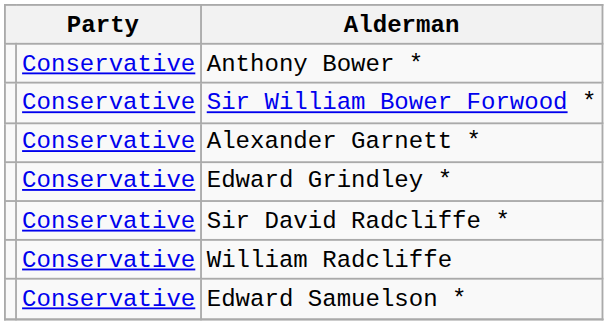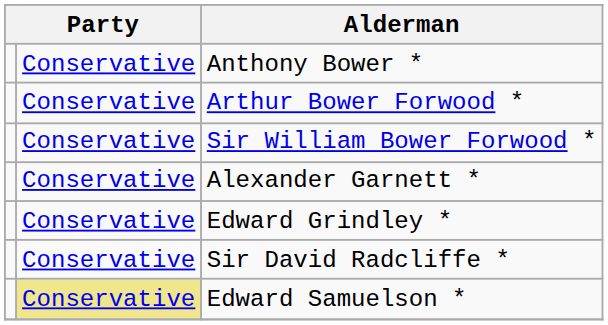 <table class="wikitable">
 <tr>
 <th colspan="2">Party</th>
 <th>Alderman</th>
 </tr>
 <tr>
 <td style="background-color:"></td>
 <td><a href='#'>Conservative</a></td>
 <td>Anthony Bower *</td>
+</tr>
+<tr>
+<td style="background-color:"></td>
+<td><a href='#'>Conservative</a></td>
+<td><a href='#'>Arthur Bower Forwood</a> *</td>
 </tr>
 <tr>
 <td style="background-color:"></td>
 <td><a href='#'>Conservative</a></td>
 <td><a href='#'>Sir William Bower Forwood</a> *</td>
 </tr>
 <tr>
 <td style="background-color:"></td>
 <td><a href='#'>Conservative</a></td>
 <td>Alexander Garnett *</td>
 </tr>
 <tr>
 <td style="background-color:"></td>
 <td><a href='#'>Conservative</a></td>
 <td>Edward Grindley *</td>
 </tr>
 <tr>
 <td style="background-color:"></td>
 <td><a href='#'>Conservative</a></td>
 <td>Sir David Radcliffe *</td>
 </tr>
 <tr>
 <td style="background-color:"></td>
-<td><a href='#'>Conservative</a></td>
-<td>William Radcliffe</td>
-</tr>
-<tr>
-<td style="background-color:"></td>
-<td><a href='#'>Conservative</a></td>
+<td style="background: khaki;"><a href='#'>Conservative</a></td>
 <td>Edward Samuelson *</td>
 </tr>
 <tr>
 </tr>
 </table>
